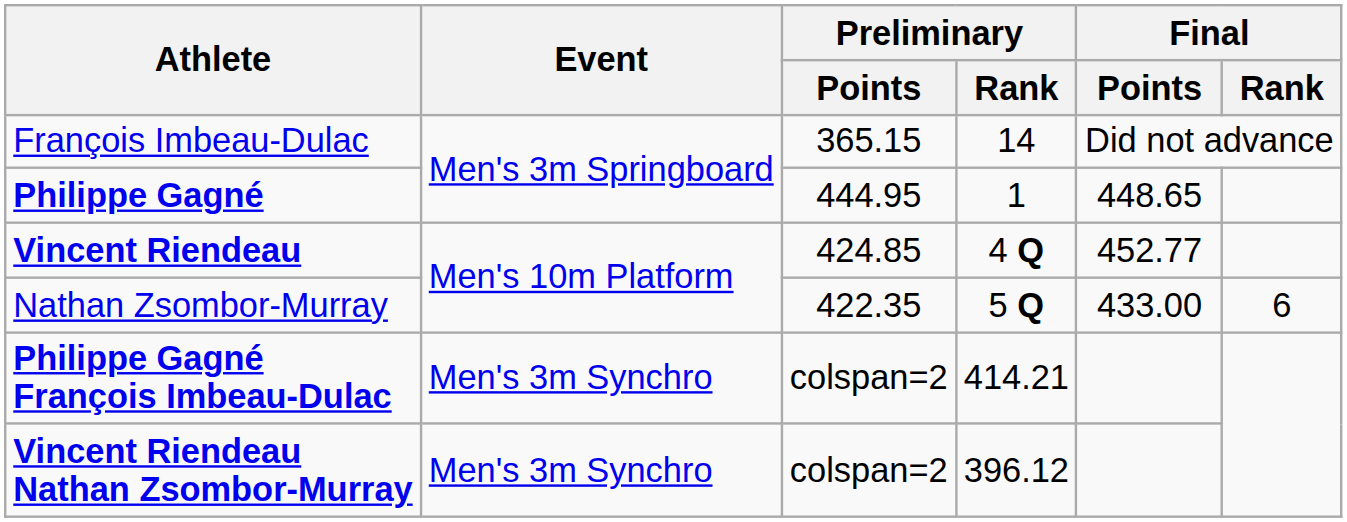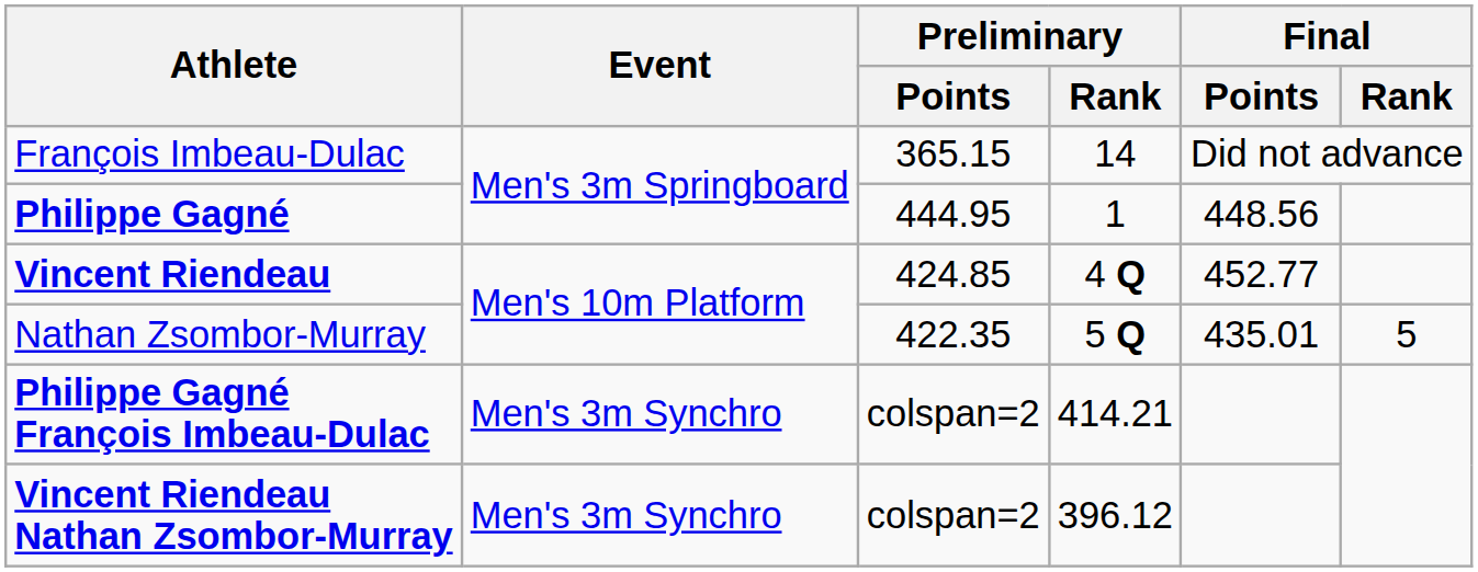 <table class=wikitable style="font-size:90%">
 <tr>
 <th rowspan="2">Athlete</th>
 <th rowspan="2">Event</th>
 <th colspan="2">Preliminary</th>
 <th colspan="2">Final</th>
 </tr>
 <tr>
 <th>Points</th>
 <th>Rank</th>
 <th>Points</th>
 <th>Rank</th>
 </tr>
 <tr align=center>
 <td align=left><a href='#'>François Imbeau-Dulac</a></td>
 <td rowspan="2" align=left><a href='#'>Men's 3m Springboard</a></td>
 <td>365.15</td>
 <td>14</td>
 <td colspan=2>Did not advance</td>
 </tr>
 <tr align=center>
 <td align=left><strong><a href='#'>Philippe Gagné</a></strong></td>
 <td>444.95</td>
 <td>1</td>
-<td>448.65</td>
+<td>448.56</td>
 <td></td>
 </tr>
 <tr align=center>
 <td align=left><strong><a href='#'>Vincent Riendeau</a></strong></td>
 <td rowspan="2" align=left><a href='#'>Men's 10m Platform</a></td>
 <td>424.85</td>
 <td>4 <strong>Q</strong></td>
 <td>452.77</td>
 <td></td>
 </tr>
 <tr align=center>
 <td align=left><a href='#'>Nathan Zsombor-Murray</a></td>
 <td>422.35</td>
 <td>5 <strong>Q</strong></td>
-<td>433.00</td>
-<td>6</td>
+<td>435.01</td>
+<td>5</td>
 </tr>
 <tr align=center>
 <td align=left><strong><a href='#'>Philippe Gagné</a><br><a href='#'>François Imbeau-Dulac</a></strong></td>
 <td align=left><a href='#'>Men's 3m Synchro</a></td>
 <td>colspan=2 </td>
 <td>414.21</td>
 <td></td>
 </tr>
 <tr align=center>
 <td align=left><strong><a href='#'>Vincent Riendeau</a><br><a href='#'>Nathan Zsombor-Murray</a></strong></td>
 <td align=left><a href='#'>Men's 3m Synchro</a></td>
 <td>colspan=2 </td>
 <td>396.12</td>
 <td></td>
 </tr>
 </table>
